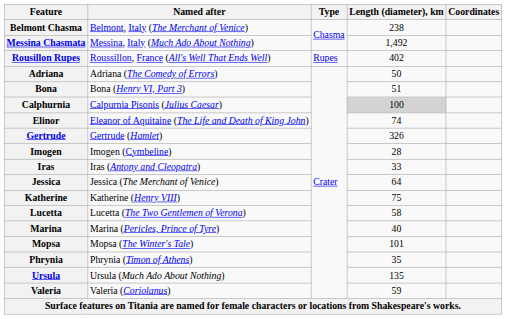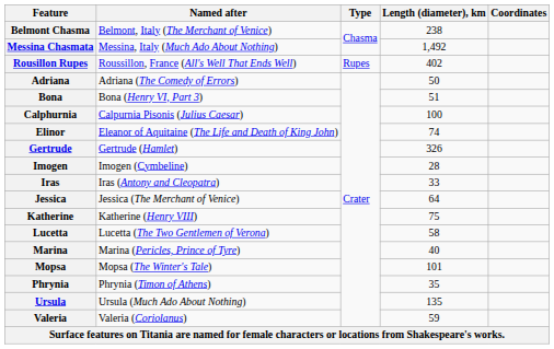 <table class="wikitable plainrowheaders">
 <tr>
 <th scope="col">Feature</th>
 <th scope="col">Named after</th>
 <th scope="col">Type</th>
 <th scope="col">Length (diameter), km</th>
 <th scope="col">Coordinates</th>
 </tr>
 <tr>
 <th scope="row">Belmont Chasma</th>
 <td><a href='#'>Belmont</a>, <a href='#'>Italy</a> (<em><a href='#'>The Merchant of Venice</a></em>)</td>
 <td rowspan="2"><a href='#'>Chasma</a></td>
 <td style="text-align: center;">238</td>
 <td></td>
 </tr>
 <tr>
 <th scope="row"><a href='#'>Messina Chasmata</a></th>
 <td><a href='#'>Messina</a>, <a href='#'>Italy</a> (<em><a href='#'>Much Ado About Nothing</a></em>)</td>
 <td style="text-align: center;">1,492</td>
 <td></td>
 </tr>
 <tr>
 <th scope="row"><a href='#'>Rousillon Rupes</a></th>
 <td><a href='#'>Roussillon</a>, <a href='#'>France</a> (<em><a href='#'>All's Well That Ends Well</a></em>)</td>
 <td><a href='#'>Rupes</a></td>
 <td style="text-align: center;">402</td>
 <td></td>
 </tr>
 <tr>
 <th scope="row">Adriana</th>
 <td>Adriana (<em><a href='#'>The Comedy of Errors</a></em>)</td>
 <td rowspan ="15"><a href='#'>Crater</a></td>
 <td style="text-align: center;">50</td>
 <td></td>
 </tr>
 <tr>
 <th scope="row">Bona</th>
 <td>Bona (<em><a href='#'>Henry VI, Part 3</a></em>)</td>
 <td style="text-align: center;">51</td>
 <td></td>
 </tr>
 <tr>
 <th scope="row">Calphurnia</th>
 <td><a href='#'>Calpurnia Pisonis</a> (<em><a href='#'>Julius Caesar</a></em>)</td>
-<td style="background: lightgrey; text-align: center;">100</td>
+<td style="text-align: center;">100</td>
 <td></td>
 </tr>
 <tr>
 <th scope="row">Elinor</th>
 <td><a href='#'>Eleanor of Aquitaine</a> (<em><a href='#'>The Life and Death of King John</a></em>)</td>
 <td style="text-align: center;">74</td>
 <td></td>
 </tr>
 <tr>
 <th scope="row"><a href='#'>Gertrude</a></th>
 <td><a href='#'>Gertrude</a> (<em><a href='#'>Hamlet</a></em>)</td>
 <td style="text-align: center;">326</td>
 <td></td>
 </tr>
 <tr>
 <th scope="row">Imogen</th>
 <td>Imogen (<a href='#'>Cymbeline</a>)</td>
 <td style="text-align: center;">28</td>
 <td></td>
 </tr>
 <tr>
 <th scope="row">Iras</th>
 <td>Iras (<em><a href='#'>Antony and Cleopatra</a></em>)</td>
 <td style="text-align: center;">33</td>
 <td></td>
 </tr>
 <tr>
 <th scope="row">Jessica</th>
 <td>Jessica (<em>The Merchant of Venice</em>)</td>
 <td style="text-align: center;">64</td>
 <td></td>
 </tr>
 <tr>
 <th scope="row">Katherine</th>
 <td>Katherine (<em><a href='#'>Henry VIII</a></em>)</td>
 <td style="text-align: center;">75</td>
 <td></td>
 </tr>
 <tr>
 <th scope="row">Lucetta</th>
 <td>Lucetta (<em><a href='#'>The Two Gentlemen of Verona</a></em>)</td>
 <td style="text-align: center;">58</td>
 <td></td>
 </tr>
 <tr>
 <th scope="row">Marina</th>
 <td>Marina (<em><a href='#'>Pericles, Prince of Tyre</a></em>)</td>
 <td style="text-align: center;">40</td>
 <td></td>
 </tr>
 <tr>
 <th scope="row">Mopsa</th>
 <td>Mopsa (<em><a href='#'>The Winter's Tale</a></em>)</td>
 <td style="text-align: center;">101</td>
 <td></td>
 </tr>
 <tr>
 <th scope="row">Phrynia</th>
 <td>Phrynia (<em><a href='#'>Timon of Athens</a></em>)</td>
 <td style="text-align: center;">35</td>
 <td></td>
 </tr>
 <tr>
 <th scope="row"><a href='#'>Ursula</a></th>
 <td>Ursula (<em>Much Ado About Nothing</em>)</td>
 <td style="text-align: center;">135</td>
 <td></td>
 </tr>
 <tr>
 <th scope="row">Valeria</th>
 <td>Valeria (<em><a href='#'>Coriolanus</a></em>)</td>
 <td style="text-align: center;">59</td>
 <td></td>
 </tr>
 <tr>
 <th scope="row" colspan="5">Surface features on Titania are named for female characters or locations from Shakespeare's works.</th>
 </tr>
 </table>
